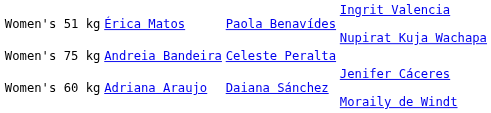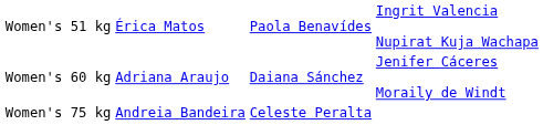 <table>
 <tr>
 <td>Women's 51 kg<br></td>
 <td><a href='#'>Érica Matos</a><br><em></em></td>
 <td><a href='#'>Paola Benavídes</a><br><em></em></td>
 <td><a href='#'>Ingrit Valencia</a><br><em></em><br><a href='#'>Nupirat Kuja Wachapa</a><br><em></em></td>
 </tr>
 <tr>
+<td>Women's 60 kg<br></td>
+<td><a href='#'>Adriana Araujo</a><br><em></em></td>
+<td><a href='#'>Daiana Sánchez</a><br><em></em></td>
+<td><a href='#'>Jenifer Cáceres</a><br><em></em><br><a href='#'>Moraily de Windt</a><br><em></em></td>
+</tr>
+<tr>
 <td>Women's 75 kg<br></td>
 <td><a href='#'>Andreia Bandeira</a><br><em></em></td>
 <td><a href='#'>Celeste Peralta</a><br><em></em></td>
 <td></td>
 </tr>
 <tr>
-<td>Women's 60 kg<br></td>
-<td><a href='#'>Adriana Araujo</a><br><em></em></td>
-<td><a href='#'>Daiana Sánchez</a><br><em></em></td>
-<td><a href='#'>Jenifer Cáceres</a><br><em></em><br><a href='#'>Moraily de Windt</a><br><em></em></td>
-</tr>
-<tr>
 </tr>
 </table>
